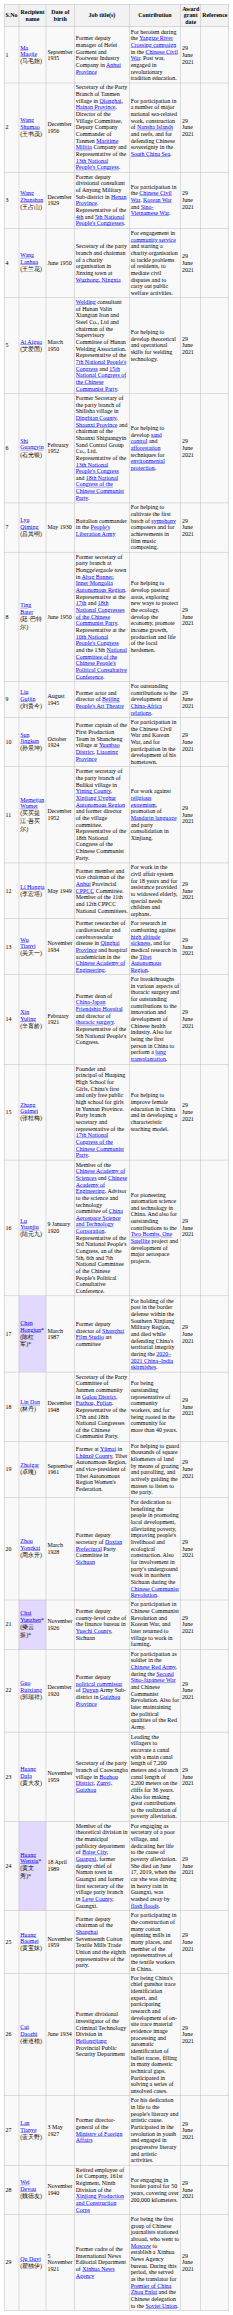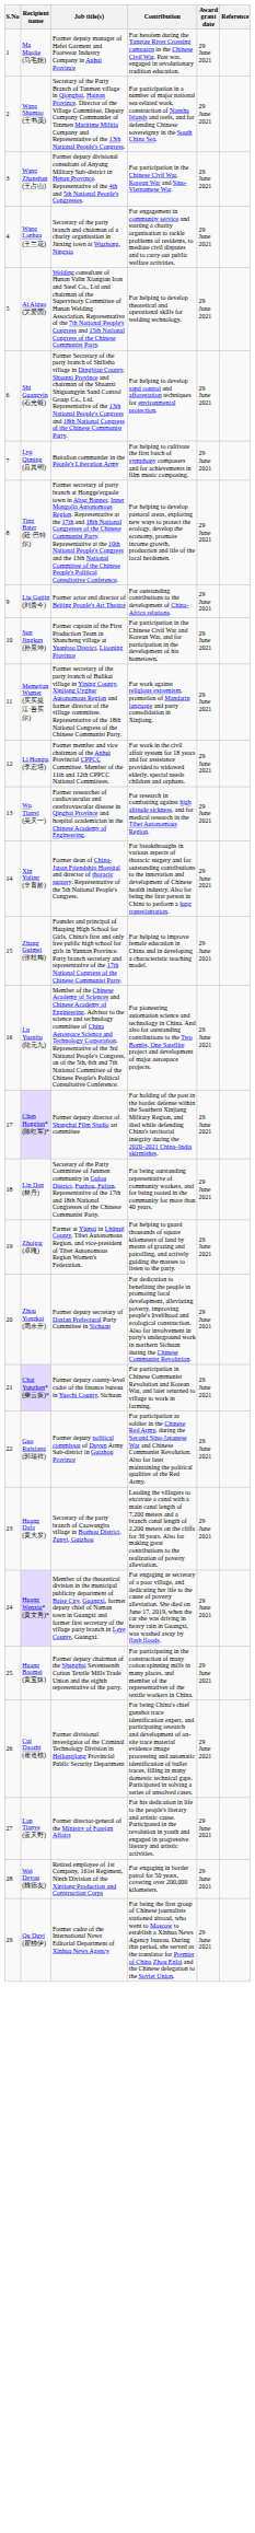 <table class="wikitable">
 <tr>
 <th>S.No</th>
 <th>Recipient name</th>
-<th>Date of birth</th>
 <th>Job title(s)</th>
 <th>Contribution</th>
 <th>Award grant date</th>
 <th>Reference</th>
 </tr>
 <tr>
 <td>1</td>
 <td><a href='#'>Ma Maojie</a><br>(马毛姐)</td>
-<td>September 1935</td>
 <td>Former deputy manager of Hefei Garment and Footwear Industry Company in <a href='#'>Anhui Province</a></td>
 <td>For heroism during the <a href='#'>Yangtze River Crossing campaign</a> in the <a href='#'>Chinese Civil War</a>. Post war, engaged in revolutionary tradition education.</td>
 <td>29 June 2021</td>
 <td></td>
 </tr>
 <tr>
 <td>2</td>
 <td><a href='#'>Wang Shumao</a><br>(王书茂)</td>
-<td>December 1956</td>
 <td>Secretary of the Party Branch of Tanmen village in <a href='#'>Qionghai</a>, <a href='#'>Hainan Province</a>. Director of the Village Committee, Deputy Company Commander of Tanmen <a href='#'>Maritime Militia</a> Company and Representative of the <a href='#'>13th National People's Congress</a>.</td>
 <td>For participation in a number of major national sea-related work, construction of <a href='#'>Nansha Islands</a> and reefs, and for defending Chinese sovereignty in the <a href='#'>South China Sea</a>.</td>
 <td>29 June 2021</td>
 <td></td>
 </tr>
 <tr>
 <td>3</td>
 <td><a href='#'>Wang Zhanshan</a><br>(王占山)</td>
-<td>December 1929</td>
 <td>Former deputy divisional consultant of Anyang Military Sub-district in <a href='#'>Henan Province</a>. Representative of the <a href='#'>4th</a> and <a href='#'>5th National People's Congresses</a>.</td>
 <td>For participation in the <a href='#'>Chinese Civil War</a>, <a href='#'>Korean War</a> and <a href='#'>Sino-Vietnamese War</a>.</td>
 <td>29 June 2021</td>
 <td></td>
 </tr>
 <tr>
 <td>4</td>
 <td><a href='#'>Wang Lanhua</a><br>(王兰花)</td>
-<td>June 1950</td>
 <td>Secretary of the party branch and chairman of a charity organisation in Jinxing town at <a href='#'>Wuzhong, Ningxia</a></td>
 <td>For engagement in <a href='#'>community service</a> and starting a charity organisation to tackle problems of residents, to mediate civil disputes and to carry out public welfare activities.</td>
 <td>29 June 2021</td>
 <td></td>
 </tr>
 <tr>
 <td>5</td>
 <td><a href='#'>Ai Aiguo</a><br>(艾爱国)</td>
-<td>March 1950</td>
 <td><a href='#'>Welding</a> consultant of Hunan Valin Xiangtan Iron and Steel Co., Ltd and chairman of the Supervisory Committee of Hunan Welding Association. Representative of the <a href='#'>7th National People's Congress</a> and <a href='#'>15th National Congress of the Chinese Communist Party</a>.</td>
 <td>For helping to develop theoretical and operational skills for welding technology.</td>
 <td>29 June 2021</td>
 <td></td>
 </tr>
 <tr>
 <td>6</td>
 <td><a href='#'>Shi Guangyin</a><br>(石光银)</td>
-<td>February 1952</td>
 <td>Former Secretary of the party branch of Shilisha village in <a href='#'>Dingbian County</a>, <a href='#'>Shaanxi Province</a> and chairman of the Shaanxi Shiguangyin Sand Control Group Co., Ltd. Representative of the <a href='#'>13th National People's Congress</a> and <a href='#'>18th National Congress of the Chinese Communist Party</a>.</td>
 <td>For helping to develop <a href='#'>sand control</a> and <a href='#'>afforestation</a> techniques for <a href='#'>environmental protection</a>.</td>
 <td>29 June 2021</td>
 <td></td>
 </tr>
 <tr>
 <td>7</td>
 <td><a href='#'>Lyu Qiming</a><br>(吕其明)</td>
-<td>May 1930</td>
 <td>Battalion commander in the <a href='#'>People's Liberation Army</a></td>
 <td>For helping to cultivate the first batch of <a href='#'>symphony</a> composers and for achievements in film music composing.</td>
 <td>29 June 2021</td>
 <td></td>
 </tr>
 <tr>
 <td>8</td>
 <td><a href='#'>Ting Bater</a><br>(廷·巴特尔)</td>
-<td>June 1950</td>
 <td>Former secretary of party branch at Hongge'ergaole town in <a href='#'>Abag Banner</a>, <a href='#'>Inner Mongolia Autonomous Region</a>. Representative at the <a href='#'>17th</a> and <a href='#'>18th National Congresses of the Chinese Communist Party</a>. Representative at the <a href='#'>10th National People's Congress</a> and the 13th <a href='#'>National Committee of the Chinese People's Political Consultative Conference</a>.</td>
 <td>For helping to develop pastoral areas, exploring new ways to protect the ecology, develop the economy, promote income growth, production and life of the local herdsmen.</td>
 <td>29 June 2021</td>
 <td></td>
 </tr>
 <tr>
 <td>9</td>
 <td><a href='#'>Liu Guijin</a><br>(刘贵今)</td>
-<td>August 1945</td>
 <td>Former actor and director of <a href='#'>Beijing People's Art Theatre</a></td>
 <td>For outstanding contributions to the development of <a href='#'>China-Africa relations</a>.</td>
 <td>29 June 2021</td>
 <td></td>
 </tr>
 <tr>
 <td>10</td>
 <td><a href='#'>Sun Jingkun</a><br>(孙景坤)</td>
-<td>October 1924</td>
 <td>Former captain of the First Production Team in Shancheng village at <a href='#'>Yuanbao District</a>, <a href='#'>Liaoning Province</a></td>
 <td>For participation in the Chinese Civil War and Korean War, and for participation in the development of his hometown.</td>
 <td>29 June 2021</td>
 <td></td>
 </tr>
 <tr>
 <td>11</td>
 <td><a href='#'>Memetjan Wumer</a><br>(买买提江·吾买尔)</td>
-<td>December 1952</td>
 <td>Former secretary of the party branch of Bulikai village in <a href='#'>Yining County</a>, <a href='#'>Xinjiang Uyghur Autonomous Region</a> and former director of the village committee. Representative of the 18th National Congress of the Chinese Communist Party.</td>
 <td>For work against <a href='#'>religious extremism</a>, promotion of <a href='#'>Mandarin language</a> and party consolidation in Xinjiang.</td>
 <td>29 June 2021</td>
 <td></td>
 </tr>
 <tr>
 <td>12</td>
 <td><a href='#'>Li Hongta</a><br>(李宏塔)</td>
-<td>May 1949</td>
 <td>Former member and vice chairman of the <a href='#'>Anhui</a> Provincial <a href='#'>CPPCC</a> Committee. Member of the 11th and 12th CPPCC National Committees.</td>
 <td>For work in the civil affair system for 18 years and for assistance provided to widowed elderly, special needs children and orphans.</td>
 <td>29 June 2021</td>
 <td></td>
 </tr>
 <tr>
 <td>13</td>
 <td><a href='#'>Wu Tianyi</a><br>(吴天一)</td>
-<td>November 1934</td>
 <td>Former researcher of cardiovascular and cerebrovascular disease in <a href='#'>Qinghai Province</a> and hospital academician in the <a href='#'>Chinese Academy of Engineering</a>.</td>
 <td>For research in combatting against <a href='#'>high altitude sickness</a>, and for medical research in the <a href='#'>Tibet Autonomous Region</a>.</td>
 <td>29 June 2021</td>
 <td></td>
 </tr>
 <tr>
 <td>14</td>
 <td><a href='#'>Xin Yuling</a><br>(辛育龄)</td>
-<td>February 1921</td>
 <td>Former dean of <a href='#'>China-Japan Friendship Hospital</a> and director of <a href='#'>thoracic surgery</a>. Representative of the 5th National People's Congress.</td>
 <td>For breakthroughs in various aspects of thoracic surgery and for outstanding contributions to the innovation and development of Chinese health industry. Also for being the first person in China to perform a <a href='#'>lung transplantation</a>.</td>
 <td>29 June 2021</td>
 <td></td>
 </tr>
 <tr>
 <td>15</td>
 <td><a href='#'>Zhang Guimei</a><br>(张桂梅)</td>
-<td></td>
 <td>Founder and principal of Huaping High School for Girls, China's first and only free public high school for girls in Yunnan Province. Party branch secretary and representative of the <a href='#'>17th National Congress of the Chinese Communist Party</a>.</td>
 <td>For helping to improve female education in China and in developing a characteristic teaching model.</td>
 <td>29 June 2021</td>
 <td></td>
 </tr>
 <tr>
 <td>16</td>
 <td><a href='#'>Lu Yuanjiu</a><br>(陆元九)</td>
-<td>9 January 1920</td>
 <td>Member of the <a href='#'>Chinese Academy of Sciences</a> and <a href='#'>Chinese Academy of Engineering</a>. Advisor to the science and technology committee of <a href='#'>China Aerospace Science and Technology Corporation</a>. Representative of the 3rd National People's Congress, an of the 5th, 6th and 7th National Committee of the Chinese People's Political Consultative Conference.</td>
 <td>For pioneering automation science and technology in China. And also for outstanding contributions to the <a href='#'>Two Bombs, One Satellite</a> project and development of major aerospace projects.</td>
 <td>29 June 2021</td>
 <td></td>
 </tr>
 <tr>
 <td>17</td>
 <td style="background:#e3d9ff;"><a href='#'>Chen Hongjun</a>*<br>(陈红军)*</td>
-<td>March 1987</td>
 <td>Former deputy director of <a href='#'>Shanghai Film Studio</a> art committee</td>
 <td>For holding of the post in the border defense within the Southern Xinjiang Military Region, and died while defending China's territorial integrity during the <a href='#'>2020–2021 China–India skirmishes</a>.</td>
 <td>29 June 2021</td>
 <td></td>
 </tr>
 <tr>
 <td>18</td>
 <td><a href='#'>Lin Dan</a><br>(林丹)</td>
-<td>December 1948</td>
 <td>Secretary of the Party Committee of Junmen community in <a href='#'>Gulou District</a>, <a href='#'>Fuzhou, Fujian</a>. Representative of the 17th and 18th National Congresses of the Chinese Communist Party.</td>
 <td>For being outstanding representative of community workers, and for being rooted in the community for more than 40 years.</td>
 <td>29 June 2021</td>
 <td></td>
 </tr>
 <tr>
 <td>19</td>
 <td><a href='#'>Zhoigar</a><br>(卓嘎)</td>
-<td>September 1961</td>
 <td>Farmer at <a href='#'>Yümai</a> in <a href='#'>Lhünzê County</a>, Tibet Autonomous Region, and vice-president of Tibet Autonomous Region Women's Federation.</td>
 <td>For helping to guard thousands of square kilometers of land by means of grazing and patrolling, and actively guiding the masses to listen to the party.</td>
 <td>29 June 2021</td>
 <td></td>
 </tr>
 <tr>
 <td>20</td>
 <td><a href='#'>Zhou Yongkai</a><br>(周永开)</td>
-<td>March 1928</td>
 <td>Former deputy secretary of <a href='#'>Daxian Prefectural</a> Party Committee in <a href='#'>Sichuan</a></td>
 <td>For dedication to benefiting the people in promoting local development, alleviating poverty, improving people's livelihood and ecological construction. Also for involvement in party's underground work in northern Sichuan during the <a href='#'>Chinese Communist Revolution</a>.</td>
 <td>29 June 2021</td>
 <td></td>
 </tr>
 <tr>
 <td>21</td>
 <td style="background:#e3d9ff;"><a href='#'>Chai Yunzhen</a>*<br>(柴云振)*</td>
-<td>November 1926</td>
 <td>Former deputy county-level cadre of the finance bureau in <a href='#'>Yuechi County</a>, Sichuan</td>
 <td>For participation in Chinese Communist Revolution and Korean War, and later returned to village to work in farming.</td>
 <td>29 June 2021</td>
 <td></td>
 </tr>
 <tr>
 <td>22</td>
 <td><a href='#'>Guo Ruixiang</a><br>(郭瑞祥)</td>
-<td>December 1920</td>
 <td>Former deputy <a href='#'>political commissar</a> of <a href='#'>Duyun</a> Army Sub-district in <a href='#'>Guizhou Province</a></td>
 <td>For participation as soldier in the <a href='#'>Chinese Red Army</a>, during the <a href='#'>Second Sino-Japanese War</a> and Chinese Communist Revolution. Also for later maintaining the political qualities of the Red Army.</td>
 <td>29 June 2021</td>
 <td></td>
 </tr>
 <tr>
 <td>23</td>
 <td><a href='#'>Huang Dafa</a><br>(黄大发)</td>
-<td>November 1959</td>
 <td>Secretary of the party branch of Caowangba village in <a href='#'>Bozhou District</a>, <a href='#'>Zunyi, Guizhou</a></td>
 <td>Leading the villagers to excavate a canal with a main canal length of 7,200 meters and a branch canal length of 2,200 meters on the cliffs for 36 years. Also for making great contributions to the realization of poverty alleviation.</td>
 <td>29 June 2021</td>
 <td></td>
 </tr>
 <tr>
 <td>24</td>
 <td style="background:#e3d9ff;"><a href='#'>Huang Wenxiu</a>*<br>(黄文秀)*</td>
-<td>18 April 1989</td>
 <td>Member of the theoretical division in the municipal publicity department of <a href='#'>Baise City</a>, <a href='#'>Guangxi</a>, former deputy chief of Naman town in Guangxi and former first secretary of the village party branch in <a href='#'>Leye County</a>, Guangxi.</td>
 <td>For engaging as secretary of a poor village, and dedicating her life to the cause of poverty alleviation. She died on June 17, 2019, when the car she was driving in heavy rain in Guangxi, was washed away by <a href='#'>flash floods</a>.</td>
 <td>29 June 2021</td>
 <td></td>
 </tr>
 <tr>
 <td>25</td>
 <td><a href='#'>Huang Baomei</a><br>(黄宝妹)</td>
-<td>November 1959</td>
 <td>Former deputy chairman of the <a href='#'>Shanghai</a> Seventeenth Cotton Textile Mills Trade Union and the eighth representative of the party.</td>
 <td>For participating in the construction of many cotton spinning mills in many places, and member of the representatives of the textile workers in China.</td>
 <td>29 June 2021</td>
 <td></td>
 </tr>
 <tr>
 <td>26</td>
 <td><a href='#'>Cui Daozhi</a><br>(崔道植)</td>
-<td>June 1934</td>
 <td>Former divisional investigator of the Criminal Technology Division in <a href='#'>Heilongjiang</a> Provincial Public Security Department</td>
 <td>For being China's chief gunshot trace identification expert, and participating research and development of on-site trace material evidence image processing and automatic identification of bullet traces, filling in many domestic technical gaps. Participated in solving a series of unsolved cases.</td>
 <td>29 June 2021</td>
 <td></td>
 </tr>
 <tr>
 <td>27</td>
 <td><a href='#'>Lan Tianye</a><br>(蓝天野)</td>
-<td>3 May 1927</td>
 <td>Former director-general of the <a href='#'>Ministry of Foreign Affairs</a></td>
 <td>For his dedication in life to the people's literary and artistic cause. Participated in the revolution in youth and engaged in progressive literary and artistic activities.</td>
 <td>29 June 2021</td>
 <td></td>
 </tr>
 <tr>
 <td>28</td>
 <td><a href='#'>Wei Deyou</a><br>(魏德友)</td>
-<td>November 1940</td>
 <td>Retired employee of 1st Company, 161st Regiment, Ninth Division of the <a href='#'>Xinjiang Production and Construction Corps</a></td>
 <td>For engaging in border patrol for 50 years, covering over 200,000 kilometers.</td>
 <td>29 June 2021</td>
 <td></td>
 </tr>
 <tr>
 <td>29</td>
 <td><a href='#'>Qu Duyi</a><br>(瞿独伊)</td>
-<td>5 November 1921</td>
 <td>Former cadre of the International News Editorial Department of <a href='#'>Xinhua News Agency</a></td>
 <td>For being the first group of Chinese journalists stationed abroad, who went to <a href='#'>Moscow</a> to establish a Xinhua News Agency bureau. During this period, she served as the translator for <a href='#'>Premier of China</a> <a href='#'>Zhou Enlai</a> and the Chinese delegation to the <a href='#'>Soviet Union</a>.</td>
 <td>29 June 2021</td>
 <td></td>
 </tr>
 </table>
